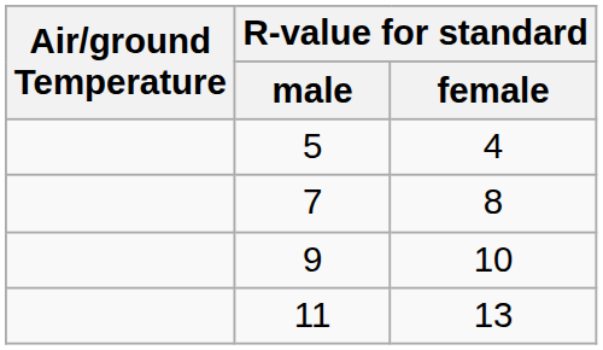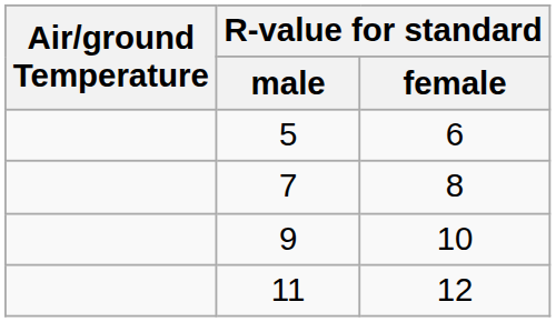 <table class="wikitable" style="text-align: center;">
 <tr>
 <th rowspan="2">Air/ground<br>Temperature</th>
 <th colspan="2">R-value for standard</th>
 </tr>
 <tr>
 <th>male</th>
 <th>female</th>
 </tr>
 <tr>
 <td></td>
 <td>5</td>
-<td>4</td>
+<td>6</td>
 </tr>
 <tr>
 <td></td>
 <td>7</td>
 <td>8</td>
 </tr>
 <tr>
 <td></td>
 <td>9</td>
 <td>10</td>
 </tr>
 <tr>
 <td></td>
 <td>11</td>
-<td>13</td>
+<td>12</td>
 </tr>
 </table>
